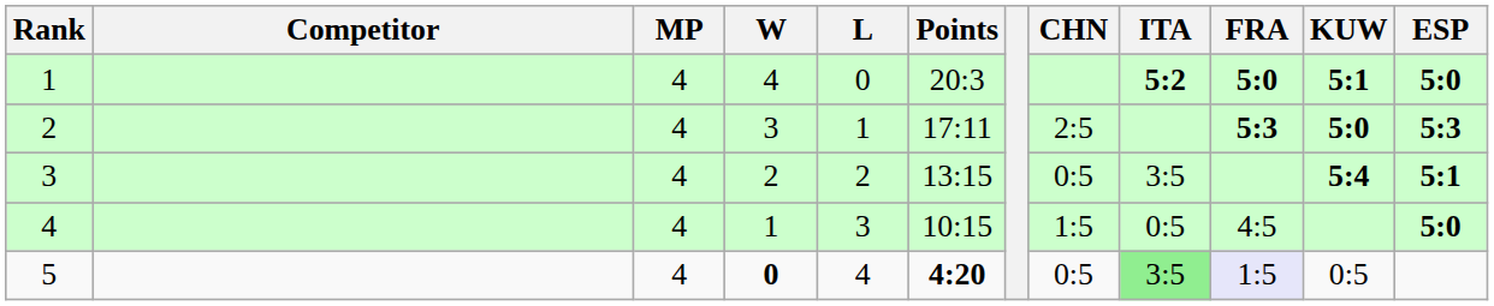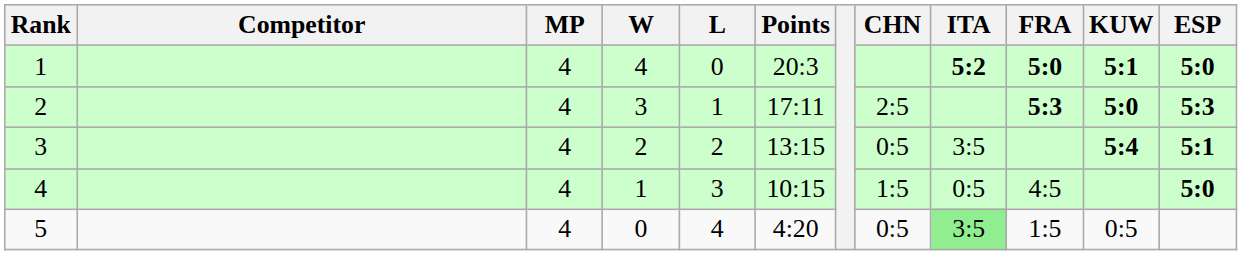 <table class="wikitable" style="text-align:center">
 <tr>
 <th>Rank</th>
 <th style="width:17em">Competitor</th>
 <th style="width:2.5em">MP</th>
 <th style="width:2.5em">W</th>
 <th style="width:2.5em">L</th>
 <th>Points</th>
 <th rowspan="6"> </th>
 <th style="width:2.5em">CHN</th>
 <th style="width:2.5em">ITA</th>
 <th style="width:2.5em">FRA</th>
 <th style="width:2.5em">KUW</th>
 <th style="width:2.5em">ESP</th>
 </tr>
 <tr style="background:#cfc;">
 <td>1</td>
 <td style="text-align:left"></td>
 <td>4</td>
 <td>4</td>
 <td>0</td>
 <td>20:3</td>
 <td></td>
 <td><strong>5:2</strong></td>
 <td><strong>5:0</strong></td>
 <td><strong>5:1</strong></td>
 <td><strong>5:0</strong></td>
 </tr>
 <tr style="background:#cfc;">
 <td>2</td>
 <td style="text-align:left"></td>
 <td>4</td>
 <td>3</td>
 <td>1</td>
 <td>17:11</td>
 <td>2:5</td>
 <td></td>
 <td><strong>5:3</strong></td>
 <td><strong>5:0</strong></td>
 <td><strong>5:3</strong></td>
 </tr>
 <tr style="background:#cfc;">
 <td>3</td>
 <td style="text-align:left"></td>
 <td>4</td>
 <td>2</td>
 <td>2</td>
 <td>13:15</td>
 <td>0:5</td>
 <td>3:5</td>
 <td></td>
 <td><strong>5:4</strong></td>
 <td><strong>5:1</strong></td>
 </tr>
 <tr style="background:#cfc;">
 <td>4</td>
 <td style="text-align:left"></td>
 <td>4</td>
 <td>1</td>
 <td>3</td>
 <td>10:15</td>
 <td>1:5</td>
 <td>0:5</td>
 <td>4:5</td>
 <td></td>
 <td><strong>5:0</strong></td>
 </tr>
 <tr>
 <td>5</td>
 <td style="text-align:left"></td>
 <td>4</td>
-<td><strong>0</strong></td>
+<td>0</td>
 <td>4</td>
-<td><strong>4:20</strong></td>
+<td>4:20</td>
 <td>0:5</td>
 <td style="background: lightgreen;">3:5</td>
-<td style="background: lavender;">1:5</td>
+<td>1:5</td>
 <td>0:5</td>
 <td></td>
 </tr>
 </table>
